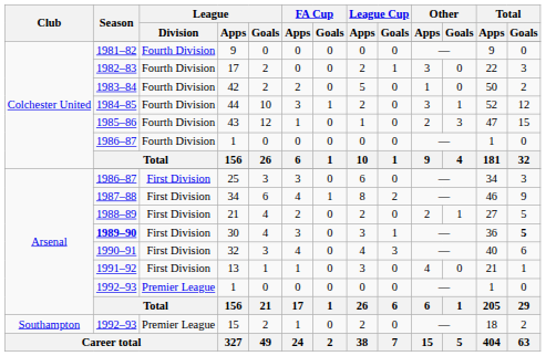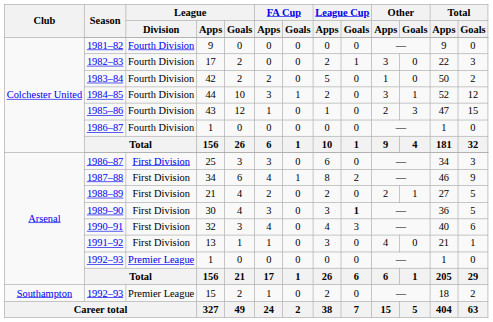 <table class=wikitable style=text-align:center>
 <tr>
 <th rowspan=2>Club</th>
 <th rowspan=2>Season</th>
 <th colspan=3>League</th>
 <th colspan=2><a href='#'>FA Cup</a></th>
 <th colspan=2><a href='#'>League Cup</a></th>
 <th colspan=2>Other</th>
 <th colspan=2>Total</th>
 </tr>
 <tr>
 <th>Division</th>
 <th>Apps</th>
 <th>Goals</th>
 <th>Apps</th>
 <th>Goals</th>
 <th>Apps</th>
 <th>Goals</th>
 <th>Apps</th>
 <th>Goals</th>
 <th>Apps</th>
 <th>Goals</th>
 </tr>
 <tr>
 <td rowspan=8><a href='#'>Colchester United</a></td>
 </tr>
 <tr>
 <td><a href='#'>1981–82</a></td>
 <td><a href='#'>Fourth Division</a></td>
 <td>9</td>
 <td>0</td>
 <td>0</td>
 <td>0</td>
 <td>0</td>
 <td>0</td>
 <td colspan=2>—</td>
 <td>9</td>
 <td>0</td>
 </tr>
 <tr>
 <td><a href='#'>1982–83</a></td>
 <td>Fourth Division</td>
 <td>17</td>
 <td>2</td>
 <td>0</td>
 <td>0</td>
 <td>2</td>
 <td>1</td>
 <td>3</td>
 <td>0</td>
 <td>22</td>
 <td>3</td>
 </tr>
 <tr>
 <td><a href='#'>1983–84</a></td>
 <td>Fourth Division</td>
 <td>42</td>
 <td>2</td>
 <td>2</td>
 <td>0</td>
 <td>5</td>
 <td>0</td>
 <td>1</td>
 <td>0</td>
 <td>50</td>
 <td>2</td>
 </tr>
 <tr>
 <td><a href='#'>1984–85</a></td>
 <td>Fourth Division</td>
 <td>44</td>
 <td>10</td>
 <td>3</td>
 <td>1</td>
 <td>2</td>
 <td>0</td>
 <td>3</td>
 <td>1</td>
 <td>52</td>
 <td>12</td>
 </tr>
 <tr>
 <td><a href='#'>1985–86</a></td>
 <td>Fourth Division</td>
 <td>43</td>
 <td>12</td>
 <td>1</td>
 <td>0</td>
 <td>1</td>
 <td>0</td>
 <td>2</td>
 <td>3</td>
 <td>47</td>
 <td>15</td>
 </tr>
 <tr>
 <td><a href='#'>1986–87</a></td>
 <td>Fourth Division</td>
 <td>1</td>
 <td>0</td>
 <td>0</td>
 <td>0</td>
 <td>0</td>
 <td>0</td>
 <td colspan=2>—</td>
 <td>1</td>
 <td>0</td>
 </tr>
 <tr>
 <th colspan=2>Total</th>
 <th>156</th>
 <th>26</th>
 <th>6</th>
 <th>1</th>
 <th>10</th>
 <th>1</th>
 <th>9</th>
 <th>4</th>
 <th>181</th>
 <th>32</th>
 </tr>
 <tr>
 <td rowspan=9><a href='#'>Arsenal</a></td>
 </tr>
 <tr>
 <td><a href='#'>1986–87</a></td>
 <td><a href='#'>First Division</a></td>
 <td>25</td>
 <td>3</td>
 <td>3</td>
 <td>0</td>
 <td>6</td>
 <td>0</td>
 <td colspan=2>—</td>
 <td>34</td>
 <td>3</td>
 </tr>
 <tr>
 <td><a href='#'>1987–88</a></td>
 <td>First Division</td>
 <td>34</td>
 <td>6</td>
 <td>4</td>
 <td>1</td>
 <td>8</td>
 <td>2</td>
 <td colspan=2>—</td>
 <td>46</td>
 <td>9</td>
 </tr>
 <tr>
 <td><a href='#'>1988–89</a></td>
 <td>First Division</td>
 <td>21</td>
 <td>4</td>
 <td>2</td>
 <td>0</td>
 <td>2</td>
 <td>0</td>
 <td>2</td>
 <td>1</td>
 <td>27</td>
 <td>5</td>
 </tr>
 <tr>
-<td><strong><a href='#'>1989–90</a></strong></td>
+<td><a href='#'>1989–90</a></td>
 <td>First Division</td>
 <td>30</td>
 <td>4</td>
 <td>3</td>
 <td>0</td>
 <td>3</td>
-<td>1</td>
+<td><strong>1</strong></td>
 <td colspan=2>—</td>
 <td>36</td>
-<td><strong>5</strong></td>
+<td>5</td>
 </tr>
 <tr>
 <td><a href='#'>1990–91</a></td>
 <td>First Division</td>
 <td>32</td>
 <td>3</td>
 <td>4</td>
 <td>0</td>
 <td>4</td>
 <td>3</td>
 <td colspan=2>—</td>
 <td>40</td>
 <td>6</td>
 </tr>
 <tr>
 <td><a href='#'>1991–92</a></td>
 <td>First Division</td>
 <td>13</td>
 <td>1</td>
 <td>1</td>
 <td>0</td>
 <td>3</td>
 <td>0</td>
 <td>4</td>
 <td>0</td>
 <td>21</td>
 <td>1</td>
 </tr>
 <tr>
 <td><a href='#'>1992–93</a></td>
 <td><a href='#'>Premier League</a></td>
 <td>1</td>
 <td>0</td>
 <td>0</td>
 <td>0</td>
 <td>0</td>
 <td>0</td>
 <td colspan=2>—</td>
 <td>1</td>
 <td>0</td>
 </tr>
 <tr>
 <th colspan=2>Total</th>
 <th>156</th>
 <th>21</th>
 <th>17</th>
 <th>1</th>
 <th>26</th>
 <th>6</th>
 <th>6</th>
 <th>1</th>
 <th>205</th>
 <th>29</th>
 </tr>
 <tr>
 <td><a href='#'>Southampton</a></td>
 <td><a href='#'>1992–93</a></td>
 <td>Premier League</td>
 <td>15</td>
 <td>2</td>
 <td>1</td>
 <td>0</td>
 <td>2</td>
 <td>0</td>
 <td colspan=2>—</td>
 <td>18</td>
 <td>2</td>
 </tr>
 <tr>
 <th colspan=3>Career total</th>
 <th>327</th>
 <th>49</th>
 <th>24</th>
 <th>2</th>
 <th>38</th>
 <th>7</th>
 <th>15</th>
 <th>5</th>
 <th>404</th>
 <th>63</th>
 </tr>
 </table>
